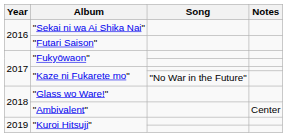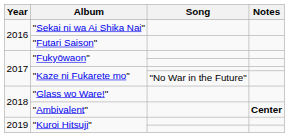 <table class="wikitable">
 <tr>
 <th>Year</th>
 <th>Album</th>
 <th>Song</th>
 <th>Notes</th>
 </tr>
 <tr>
 <td rowspan="2">2016</td>
 <td rowspan="1">"<a href='#'>Sekai ni wa Ai Shika Nai</a>"</td>
 <td></td>
 <td></td>
 </tr>
 <tr>
 <td rowspan="1">"<a href='#'>Futari Saison</a>"</td>
 <td></td>
 <td></td>
 </tr>
 <tr>
 <td rowspan="4">2017</td>
 <td rowspan="2">"<a href='#'>Fukyōwaon</a>"</td>
 <td></td>
 <td></td>
 </tr>
 <tr>
 <td></td>
 <td></td>
 </tr>
 <tr>
 <td rowspan="2">"<a href='#'>Kaze ni Fukarete mo</a>"</td>
 <td></td>
 <td></td>
 </tr>
 <tr>
 <td>"No War in the Future"</td>
 <td></td>
 </tr>
 <tr>
 <td rowspan="2">2018</td>
 <td rowspan="1">"<a href='#'>Glass wo Ware!</a>"</td>
 <td></td>
 <td></td>
 </tr>
 <tr>
 <td rowspan="1">"<a href='#'>Ambivalent</a>"</td>
 <td></td>
-<td>Center</td>
+<td><strong>Center</strong></td>
 </tr>
 <tr>
 <td rowspan="2">2019</td>
 <td rowspan="2">"<a href='#'>Kuroi Hitsuji</a>"</td>
 <td></td>
 <td></td>
 </tr>
 <tr>
 <td></td>
 <td></td>
 </tr>
 </table>
